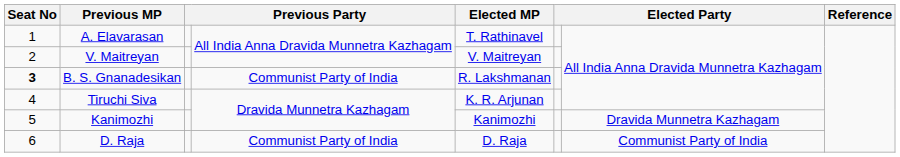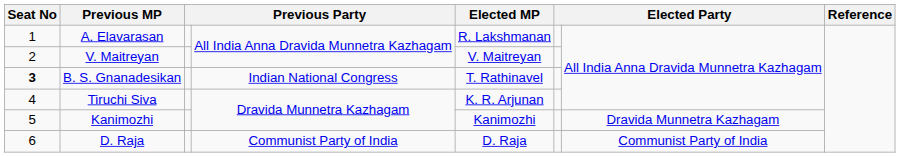 <table class="wikitable">
 <tr>
 <th>Seat No</th>
 <th>Previous MP</th>
 <th colspan=2>Previous Party</th>
 <th>Elected MP</th>
 <th colspan=2>Elected Party</th>
 <th>Reference</th>
 </tr>
 <tr style="text-align:center;">
 <td>1</td>
 <td><a href='#'>A. Elavarasan</a></td>
 <td width="1px"></td>
 <td rowspan=2><a href='#'>All India Anna Dravida Munnetra Kazhagam</a></td>
-<td><a href='#'>T. Rathinavel</a></td>
+<td><a href='#'>R. Lakshmanan</a></td>
 <td width="1px"></td>
 <td rowspan=4><a href='#'>All India Anna Dravida Munnetra Kazhagam</a></td>
 <td rowspan=6></td>
 </tr>
 <tr style="text-align:center;">
 <td>2</td>
 <td><a href='#'>V. Maitreyan</a></td>
 <td width="1px"></td>
 <td><a href='#'>V. Maitreyan</a></td>
 <td width="1px"></td>
 </tr>
 <tr style="text-align:center;">
 <td><strong>3</strong></td>
 <td><a href='#'>B. S. Gnanadesikan</a></td>
 <td width="1px"></td>
-<td><a href='#'>Communist Party of India</a></td>
-<td><a href='#'>R. Lakshmanan</a></td>
+<td><a href='#'>Indian National Congress</a></td>
+<td><a href='#'>T. Rathinavel</a></td>
 <td width="1px"></td>
 </tr>
 <tr style="text-align:center;">
 <td>4</td>
 <td><a href='#'>Tiruchi Siva</a></td>
 <td width="1px"></td>
 <td rowspan=2><a href='#'>Dravida Munnetra Kazhagam</a></td>
 <td><a href='#'>K. R. Arjunan</a></td>
 <td width="1px"></td>
 </tr>
 <tr style="text-align:center;">
 <td>5</td>
 <td><a href='#'>Kanimozhi</a></td>
 <td width="1px"></td>
 <td><a href='#'>Kanimozhi</a></td>
 <td width="1px"></td>
 <td><a href='#'>Dravida Munnetra Kazhagam</a></td>
 </tr>
 <tr style="text-align:center;">
 <td>6</td>
 <td><a href='#'>D. Raja</a></td>
 <td width="1px"></td>
 <td><a href='#'>Communist Party of India</a></td>
 <td><a href='#'>D. Raja</a></td>
 <td width="1px"></td>
 <td><a href='#'>Communist Party of India</a></td>
 </tr>
 </table>
